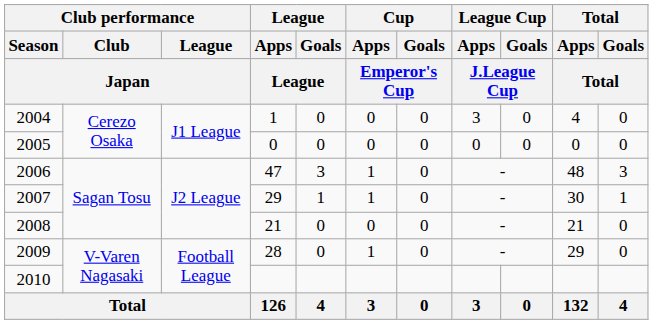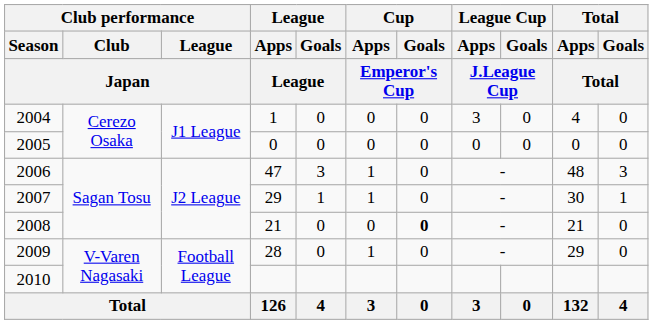 <table class="wikitable" style="text-align:center;">
 <tr>
 <th colspan=3>Club performance</th>
 <th colspan=2>League</th>
 <th colspan=2>Cup</th>
 <th colspan=2>League Cup</th>
 <th colspan=2>Total</th>
 </tr>
 <tr>
 <th>Season</th>
 <th>Club</th>
 <th>League</th>
 <th>Apps</th>
 <th>Goals</th>
 <th>Apps</th>
 <th>Goals</th>
 <th>Apps</th>
 <th>Goals</th>
 <th>Apps</th>
 <th>Goals</th>
 </tr>
 <tr>
 <th colspan=3>Japan</th>
 <th colspan=2>League</th>
 <th colspan=2><a href='#'>Emperor's Cup</a></th>
 <th colspan=2><a href='#'>J.League Cup</a></th>
 <th colspan=2>Total</th>
 </tr>
 <tr>
 <td>2004</td>
 <td rowspan="2"><a href='#'>Cerezo Osaka</a></td>
 <td rowspan="2"><a href='#'>J1 League</a></td>
 <td>1</td>
 <td>0</td>
 <td>0</td>
 <td>0</td>
 <td>3</td>
 <td>0</td>
 <td>4</td>
 <td>0</td>
 </tr>
 <tr>
 <td>2005</td>
 <td>0</td>
 <td>0</td>
 <td>0</td>
 <td>0</td>
 <td>0</td>
 <td>0</td>
 <td>0</td>
 <td>0</td>
 </tr>
 <tr>
 <td>2006</td>
 <td rowspan="3"><a href='#'>Sagan Tosu</a></td>
 <td rowspan="3"><a href='#'>J2 League</a></td>
 <td>47</td>
 <td>3</td>
 <td>1</td>
 <td>0</td>
 <td colspan="2">-</td>
 <td>48</td>
 <td>3</td>
 </tr>
 <tr>
 <td>2007</td>
 <td>29</td>
 <td>1</td>
 <td>1</td>
 <td>0</td>
 <td colspan="2">-</td>
 <td>30</td>
 <td>1</td>
 </tr>
 <tr>
 <td>2008</td>
 <td>21</td>
 <td>0</td>
 <td>0</td>
-<td>0</td>
+<td><strong>0</strong></td>
 <td colspan="2">-</td>
 <td>21</td>
 <td>0</td>
 </tr>
 <tr>
 <td>2009</td>
 <td rowspan="2"><a href='#'>V-Varen Nagasaki</a></td>
 <td rowspan="2"><a href='#'>Football League</a></td>
 <td>28</td>
 <td>0</td>
 <td>1</td>
 <td>0</td>
 <td colspan="2">-</td>
 <td>29</td>
 <td>0</td>
 </tr>
 <tr>
 <td>2010</td>
 <td></td>
 <td></td>
 <td></td>
 <td></td>
 <td></td>
 <td></td>
 <td></td>
 <td></td>
 </tr>
 <tr>
 <th colspan=3>Total</th>
 <th>126</th>
 <th>4</th>
 <th>3</th>
 <th>0</th>
 <th>3</th>
 <th>0</th>
 <th>132</th>
 <th>4</th>
 </tr>
 </table>
